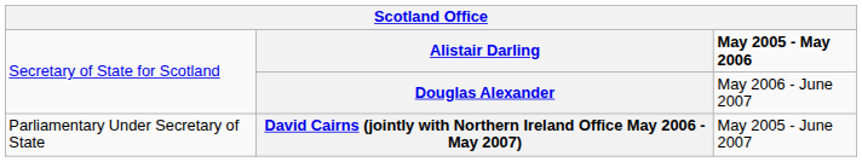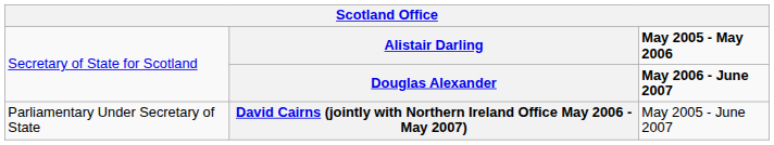 <table class="wikitable plainrowheaders" width=100% style="max-width:55em;">
 <tr>
 <th colspan=4><a href='#'>Scotland Office</a></th>
 </tr>
 <tr>
 <td rowspan="2"><a href='#'>Secretary of State for Scotland</a></td>
 <th scope="row" style="font-weight:bold;"><a href='#'>Alistair Darling</a></th>
 <td><strong>May 2005 - May 2006</strong></td>
 </tr>
 <tr>
 <th scope="row" style="font-weight:bold;"><a href='#'>Douglas Alexander</a></th>
-<td>May 2006 - June 2007</td>
+<td><strong>May 2006 - June 2007</strong></td>
 </tr>
 <tr>
 <td>Parliamentary Under Secretary of State</td>
 <th scope="row"><a href='#'>David Cairns</a> (jointly with Northern Ireland Office May 2006 - May 2007)</th>
 <td>May 2005 - June 2007</td>
 </tr>
 </table>
